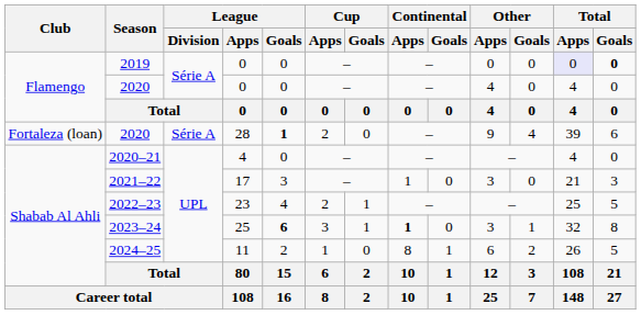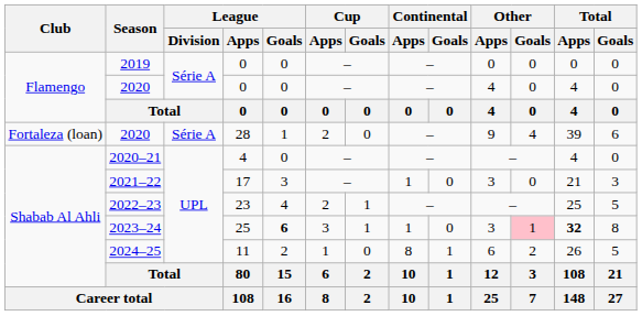 <table class="wikitable" style="text-align: center;">
 <tr>
 <th rowspan="2">Club</th>
 <th rowspan="2">Season</th>
 <th colspan="3">League</th>
 <th colspan="2">Cup</th>
 <th colspan="2">Continental</th>
 <th colspan="2">Other</th>
 <th colspan="2">Total</th>
 </tr>
 <tr>
 <th>Division</th>
 <th>Apps</th>
 <th>Goals</th>
 <th>Apps</th>
 <th>Goals</th>
 <th>Apps</th>
 <th>Goals</th>
 <th>Apps</th>
 <th>Goals</th>
 <th>Apps</th>
 <th>Goals</th>
 </tr>
 <tr>
 <td rowspan="3"><a href='#'>Flamengo</a></td>
 <td><a href='#'>2019</a></td>
 <td rowspan="2"><a href='#'>Série A</a></td>
 <td>0</td>
 <td>0</td>
 <td colspan="2">–</td>
 <td colspan="2">–</td>
 <td>0</td>
 <td>0</td>
-<td style="background: lavender;">0</td>
-<td><strong>0</strong></td>
+<td>0</td>
+<td>0</td>
 </tr>
 <tr>
 <td><a href='#'>2020</a></td>
 <td>0</td>
 <td>0</td>
 <td colspan="2">–</td>
 <td colspan="2">–</td>
 <td>4</td>
 <td>0</td>
 <td>4</td>
 <td>0</td>
 </tr>
 <tr>
 <th colspan="2">Total</th>
 <th>0</th>
 <th>0</th>
 <th>0</th>
 <th>0</th>
 <th>0</th>
 <th>0</th>
 <th>4</th>
 <th>0</th>
 <th>4</th>
 <th>0</th>
 </tr>
 <tr>
 <td rowspan="1"><a href='#'>Fortaleza</a> (loan)</td>
 <td><a href='#'>2020</a></td>
 <td rowspan="1"><a href='#'>Série A</a></td>
 <td>28</td>
-<td><strong>1</strong></td>
+<td>1</td>
 <td>2</td>
 <td>0</td>
 <td colspan="2">–</td>
 <td>9</td>
 <td>4</td>
 <td>39</td>
 <td>6</td>
 </tr>
 <tr>
 <td rowspan="6"><a href='#'>Shabab Al Ahli</a></td>
 <td><a href='#'>2020–21</a></td>
 <td rowspan="5"><a href='#'>UPL</a></td>
 <td>4</td>
 <td>0</td>
 <td colspan="2">–</td>
 <td colspan="2">–</td>
 <td colspan="2">–</td>
 <td>4</td>
 <td>0</td>
 </tr>
 <tr>
 <td><a href='#'>2021–22</a></td>
 <td>17</td>
 <td>3</td>
 <td colspan="2">–</td>
 <td>1</td>
 <td>0</td>
 <td>3</td>
 <td>0</td>
 <td>21</td>
 <td>3</td>
 </tr>
 <tr>
 <td><a href='#'>2022–23</a></td>
 <td>23</td>
 <td>4</td>
 <td>2</td>
 <td>1</td>
 <td colspan="2">–</td>
 <td colspan="2">–</td>
 <td>25</td>
 <td>5</td>
 </tr>
 <tr>
 <td><a href='#'>2023–24</a></td>
 <td>25</td>
 <td><strong>6</strong></td>
 <td>3</td>
 <td>1</td>
-<td><strong>1</strong></td>
+<td>1</td>
 <td>0</td>
 <td>3</td>
-<td>1</td>
-<td>32</td>
+<td style="background: pink;">1</td>
+<td><strong>32</strong></td>
 <td>8</td>
 </tr>
 <tr>
 <td><a href='#'>2024–25</a></td>
 <td>11</td>
 <td>2</td>
 <td>1</td>
 <td>0</td>
 <td>8</td>
 <td>1</td>
 <td>6</td>
 <td>2</td>
 <td>26</td>
 <td>5</td>
 </tr>
 <tr>
 <th colspan="2">Total</th>
 <th>80</th>
 <th>15</th>
 <th>6</th>
 <th>2</th>
 <th>10</th>
 <th>1</th>
 <th>12</th>
 <th>3</th>
 <th>108</th>
 <th>21</th>
 </tr>
 <tr>
 <th colspan="3">Career total</th>
 <th>108</th>
 <th>16</th>
 <th>8</th>
 <th>2</th>
 <th>10</th>
 <th>1</th>
 <th>25</th>
 <th>7</th>
 <th>148</th>
 <th>27</th>
 </tr>
 </table>
